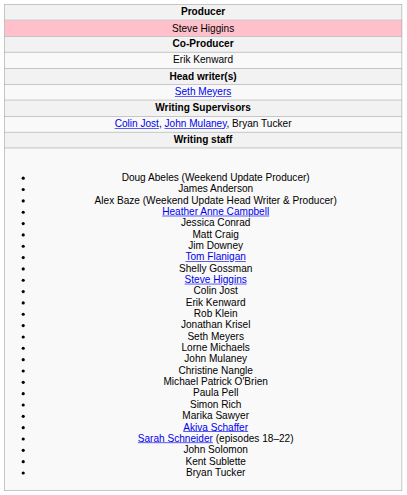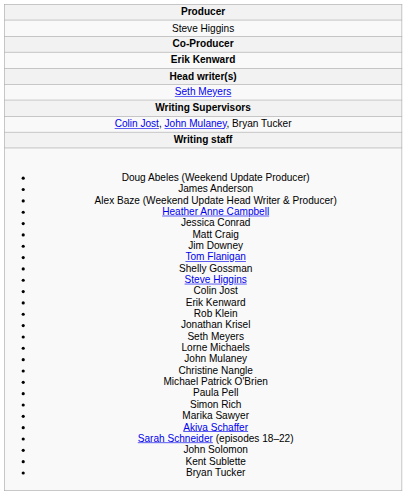 <table class="wikitable plainrowheaders"  style="text-align:center; width:50%;">
 <tr>
 <th><strong>Producer</strong></th>
 </tr>
 <tr>
-<td style="background: pink;">Steve Higgins</td>
+<td>Steve Higgins</td>
 </tr>
 <tr>
 <th><strong>Co-Producer</strong></th>
 </tr>
 <tr>
-<td>Erik Kenward</td>
+<td><strong>Erik Kenward</strong></td>
 </tr>
 <tr>
 <th><strong>Head writer(s)</strong></th>
 </tr>
 <tr>
 <td><a href='#'>Seth Meyers</a></td>
 </tr>
 <tr>
 <th><strong>Writing Supervisors</strong></th>
 </tr>
 <tr>
 <td><a href='#'>Colin Jost</a>, <a href='#'>John Mulaney</a>, Bryan Tucker</td>
 </tr>
 <tr>
 <th><strong>Writing staff</strong></th>
 </tr>
 <tr>
 <td><br><ul><li>Doug Abeles (Weekend Update Producer)</li><li>James Anderson</li><li>Alex Baze (Weekend Update Head Writer & Producer)</li><li><a href='#'>Heather Anne Campbell</a></li><li>Jessica Conrad</li><li>Matt Craig</li><li>Jim Downey</li><li><a href='#'>Tom Flanigan</a></li><li>Shelly Gossman</li><li><a href='#'>Steve Higgins</a></li><li>Colin Jost</li><li>Erik Kenward</li><li>Rob Klein</li><li>Jonathan Krisel</li><li>Seth Meyers</li><li>Lorne Michaels</li><li>John Mulaney</li><li>Christine Nangle</li><li>Michael Patrick O'Brien</li><li>Paula Pell</li><li>Simon Rich</li><li>Marika Sawyer</li><li><a href='#'>Akiva Schaffer</a></li><li><a href='#'>Sarah Schneider</a> (episodes 18–22)</li><li>John Solomon</li><li>Kent Sublette</li><li>Bryan Tucker</li></ul></td>
 </tr>
 </table>
